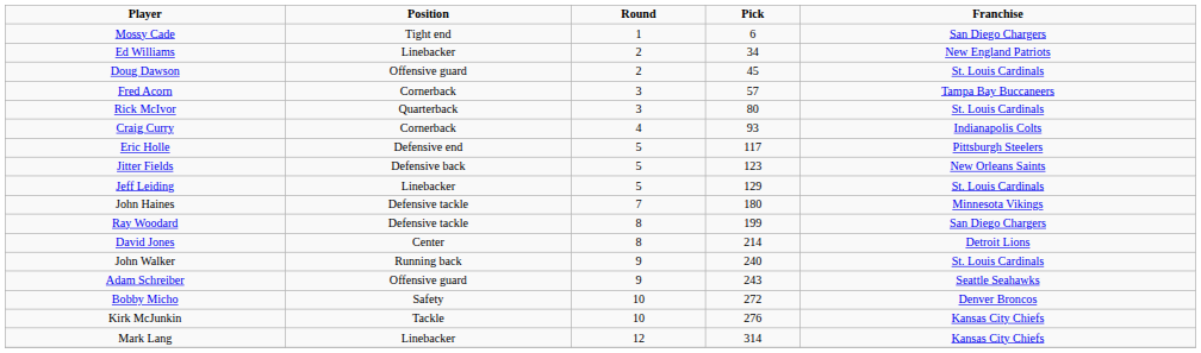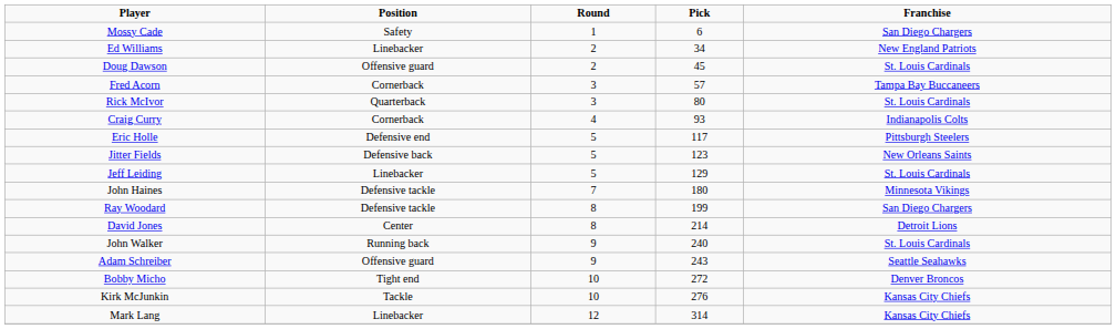 <table class="wikitable" width="80%">
 <tr align="center">
 <td><strong>Player</strong></td>
 <td><strong>Position</strong></td>
 <td><strong>Round</strong></td>
 <td><strong>Pick</strong></td>
 <td><strong>Franchise</strong></td>
 </tr>
 <tr align="center" bgcolor="">
 <td><a href='#'>Mossy Cade</a></td>
-<td>Tight end</td>
+<td>Safety</td>
 <td>1</td>
 <td>6</td>
 <td><a href='#'>San Diego Chargers</a></td>
 </tr>
 <tr align="center" bgcolor="">
 <td><a href='#'>Ed Williams</a></td>
 <td>Linebacker</td>
 <td>2</td>
 <td>34</td>
 <td><a href='#'>New England Patriots</a></td>
 </tr>
 <tr align="center" bgcolor="">
 <td><a href='#'>Doug Dawson</a></td>
 <td>Offensive guard</td>
 <td>2</td>
 <td>45</td>
 <td><a href='#'>St. Louis Cardinals</a></td>
 </tr>
 <tr align="center" bgcolor="">
 <td><a href='#'>Fred Acorn</a></td>
 <td>Cornerback</td>
 <td>3</td>
 <td>57</td>
 <td><a href='#'>Tampa Bay Buccaneers</a></td>
 </tr>
 <tr align="center" bgcolor="">
 <td><a href='#'>Rick McIvor</a></td>
 <td>Quarterback</td>
 <td>3</td>
 <td>80</td>
 <td><a href='#'>St. Louis Cardinals</a></td>
 </tr>
 <tr align="center" bgcolor="">
 <td><a href='#'>Craig Curry</a></td>
 <td>Cornerback</td>
 <td>4</td>
 <td>93</td>
 <td><a href='#'>Indianapolis Colts</a></td>
 </tr>
 <tr align="center" bgcolor="">
 <td><a href='#'>Eric Holle</a></td>
 <td>Defensive end</td>
 <td>5</td>
 <td>117</td>
 <td><a href='#'>Pittsburgh Steelers</a></td>
 </tr>
 <tr align="center" bgcolor="">
 <td><a href='#'>Jitter Fields</a></td>
 <td>Defensive back</td>
 <td>5</td>
 <td>123</td>
 <td><a href='#'>New Orleans Saints</a></td>
 </tr>
 <tr align="center" bgcolor="">
 <td><a href='#'>Jeff Leiding</a></td>
 <td>Linebacker</td>
 <td>5</td>
 <td>129</td>
 <td><a href='#'>St. Louis Cardinals</a></td>
 </tr>
 <tr align="center" bgcolor="">
 <td>John Haines</td>
 <td>Defensive tackle</td>
 <td>7</td>
 <td>180</td>
 <td><a href='#'>Minnesota Vikings</a></td>
 </tr>
 <tr align="center" bgcolor="">
 <td><a href='#'>Ray Woodard</a></td>
 <td>Defensive tackle</td>
 <td>8</td>
 <td>199</td>
 <td><a href='#'>San Diego Chargers</a></td>
 </tr>
 <tr align="center" bgcolor="">
 <td><a href='#'>David Jones</a></td>
 <td>Center</td>
 <td>8</td>
 <td>214</td>
 <td><a href='#'>Detroit Lions</a></td>
 </tr>
 <tr align="center" bgcolor="">
 <td>John Walker</td>
 <td>Running back</td>
 <td>9</td>
 <td>240</td>
 <td><a href='#'>St. Louis Cardinals</a></td>
 </tr>
 <tr align="center" bgcolor="">
 <td><a href='#'>Adam Schreiber</a></td>
 <td>Offensive guard</td>
 <td>9</td>
 <td>243</td>
 <td><a href='#'>Seattle Seahawks</a></td>
 </tr>
 <tr align="center" bgcolor="">
 <td><a href='#'>Bobby Micho</a></td>
-<td>Safety</td>
+<td>Tight end</td>
 <td>10</td>
 <td>272</td>
 <td><a href='#'>Denver Broncos</a></td>
 </tr>
 <tr align="center" bgcolor="">
 <td>Kirk McJunkin</td>
 <td>Tackle</td>
 <td>10</td>
 <td>276</td>
 <td><a href='#'>Kansas City Chiefs</a></td>
 </tr>
 <tr align="center" bgcolor="">
 <td>Mark Lang</td>
 <td>Linebacker</td>
 <td>12</td>
 <td>314</td>
 <td><a href='#'>Kansas City Chiefs</a></td>
 </tr>
 <tr align="center" bgcolor="">
 </tr>
 </table>
